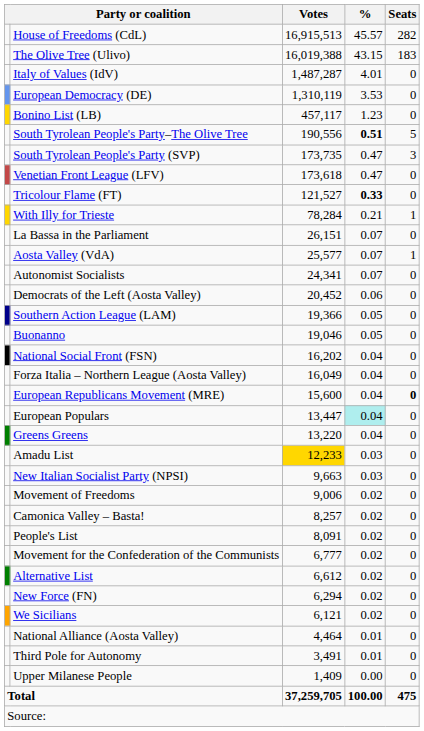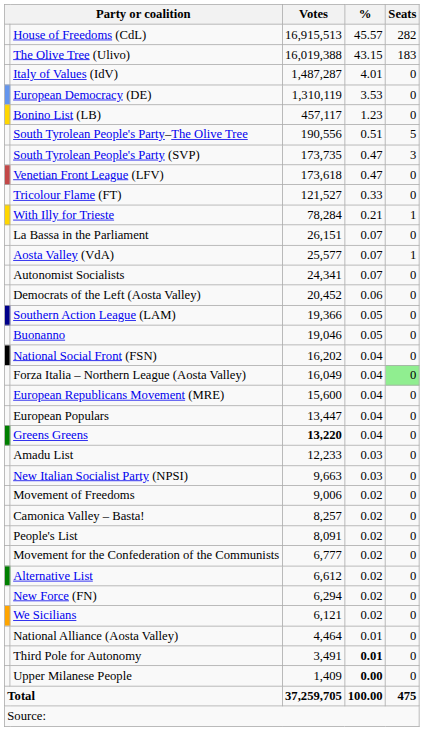 <table class=wikitable style="text-align:right">
 <tr>
 <th colspan=2>Party or coalition</th>
 <th>Votes</th>
 <th>%</th>
 <th>Seats</th>
 </tr>
 <tr>
 <td style="background-color:"></td>
 <td style="text-align:left;"><a href='#'>House of Freedoms</a> (CdL)</td>
 <td style="text-align:right;">16,915,513</td>
 <td style="text-align:right;">45.57</td>
 <td style="text-align:right;">282</td>
 </tr>
 <tr>
 <td style="background-color:"></td>
 <td style="text-align:left;"><a href='#'>The Olive Tree</a> (Ulivo)</td>
 <td style="text-align:right;">16,019,388</td>
 <td style="text-align:right;">43.15</td>
 <td style="text-align:right;">183</td>
 </tr>
 <tr>
 <td style="background-color:"></td>
 <td style="text-align:left;"><a href='#'>Italy of Values</a> (IdV)</td>
 <td style="text-align:right;">1,487,287</td>
 <td style="text-align:right;">4.01</td>
 <td style="text-align:right;">0</td>
 </tr>
 <tr>
 <td style="background-color:#6495ed;"></td>
 <td style="text-align:left;"><a href='#'>European Democracy</a> (DE)</td>
 <td style="text-align:right;">1,310,119</td>
 <td style="text-align:right;">3.53</td>
 <td style="text-align:right;">0</td>
 </tr>
 <tr>
 <td style="background-color:gold"></td>
 <td style="text-align:left;"><a href='#'>Bonino List</a> (LB)</td>
 <td style="text-align:right;">457,117</td>
 <td style="text-align:right;">1.23</td>
 <td style="text-align:right;">0</td>
 </tr>
 <tr>
 <td style="background-color:"></td>
 <td style="text-align:left;"><a href='#'>South Tyrolean People's Party</a>–<a href='#'>The Olive Tree</a></td>
 <td style="text-align:right;">190,556</td>
-<td style="text-align:right;"><strong>0.51</strong></td>
+<td style="text-align:right;">0.51</td>
 <td style="text-align:right;">5</td>
 </tr>
 <tr>
 <td style="background-color:"></td>
 <td style="text-align:left;"><a href='#'>South Tyrolean People's Party</a> (SVP)</td>
 <td style="text-align:right;">173,735</td>
 <td style="text-align:right;">0.47</td>
 <td style="text-align:right;">3</td>
 </tr>
 <tr>
 <td style="background-color:#C34848"></td>
 <td style="text-align:left;"><a href='#'>Venetian Front League</a> (LFV)</td>
 <td style="text-align:right;">173,618</td>
 <td style="text-align:right;">0.47</td>
 <td style="text-align:right;">0</td>
 </tr>
 <tr>
 <td style="background-color:"></td>
 <td style="text-align:left;"><a href='#'>Tricolour Flame</a> (FT)</td>
 <td style="text-align:right;">121,527</td>
-<td style="text-align:right;"><strong>0.33</strong></td>
+<td style="text-align:right;">0.33</td>
 <td style="text-align:right;">0</td>
 </tr>
 <tr>
 <td style="background-color:gold"></td>
 <td style="text-align:left;"><a href='#'>With Illy for Trieste</a></td>
 <td style="text-align:right;">78,284</td>
 <td style="text-align:right;">0.21</td>
 <td style="text-align:right;">1</td>
 </tr>
 <tr>
 <td style="background-color:"></td>
 <td style="text-align:left;">La Bassa in the Parliament</td>
 <td style="text-align:right;">26,151</td>
 <td style="text-align:right;">0.07</td>
 <td style="text-align:right;">0</td>
 </tr>
 <tr>
 <td style="background-color:"></td>
 <td style="text-align:left;"><a href='#'>Aosta Valley</a> (VdA)</td>
 <td style="text-align:right;">25,577</td>
 <td style="text-align:right;">0.07</td>
 <td style="text-align:right;">1</td>
 </tr>
 <tr>
 <td style="background-color:"></td>
 <td style="text-align:left;">Autonomist Socialists</td>
 <td style="text-align:right;">24,341</td>
 <td style="text-align:right;">0.07</td>
 <td style="text-align:right;">0</td>
 </tr>
 <tr>
 <td style="background-color:"></td>
 <td style="text-align:left;">Democrats of the Left (Aosta Valley)</td>
 <td style="text-align:right;">20,452</td>
 <td style="text-align:right;">0.06</td>
 <td style="text-align:right;">0</td>
 </tr>
 <tr>
 <td style="background-color:darkblue"></td>
 <td style="text-align:left;"><a href='#'>Southern Action League</a> (LAM)</td>
 <td style="text-align:right;">19,366</td>
 <td style="text-align:right;">0.05</td>
 <td style="text-align:right;">0</td>
 </tr>
 <tr>
 <td style="background-color:"></td>
 <td style="text-align:left;"><a href='#'>Buonanno</a></td>
 <td style="text-align:right;">19,046</td>
 <td style="text-align:right;">0.05</td>
 <td style="text-align:right;">0</td>
 </tr>
 <tr>
 <td style="background-color:#000000"></td>
 <td style="text-align:left;"><a href='#'>National Social Front</a> (FSN)</td>
 <td style="text-align:right;">16,202</td>
 <td style="text-align:right;">0.04</td>
 <td style="text-align:right;">0</td>
 </tr>
 <tr>
 <td style="background-color:"></td>
 <td style="text-align:left;">Forza Italia – Northern League (Aosta Valley)</td>
 <td style="text-align:right;">16,049</td>
 <td style="text-align:right;">0.04</td>
-<td style="text-align:right;">0</td>
+<td style="background: lightgreen; text-align:right;">0</td>
 </tr>
 <tr>
 <td style="background-color:"></td>
 <td style="text-align:left;"><a href='#'>European Republicans Movement</a> (MRE)</td>
 <td style="text-align:right;">15,600</td>
 <td style="text-align:right;">0.04</td>
-<td style="text-align:right;"><strong>0</strong></td>
+<td style="text-align:right;">0</td>
 </tr>
 <tr>
 <td style="background-color:"></td>
 <td style="text-align:left;">European Populars</td>
 <td style="text-align:right;">13,447</td>
-<td style="background: paleturquoise; text-align:right;">0.04</td>
+<td style="text-align:right;">0.04</td>
 <td style="text-align:right;">0</td>
 </tr>
 <tr>
 <td style="background-color:green"></td>
 <td style="text-align:left;"><a href='#'>Greens Greens</a></td>
-<td style="text-align:right;">13,220</td>
+<td style="text-align:right;"><strong>13,220</strong></td>
 <td style="text-align:right;">0.04</td>
 <td style="text-align:right;">0</td>
 </tr>
 <tr>
 <td style="background-color:"></td>
 <td style="text-align:left;">Amadu List</td>
-<td style="background: gold; text-align:right;">12,233</td>
+<td style="text-align:right;">12,233</td>
 <td style="text-align:right;">0.03</td>
 <td style="text-align:right;">0</td>
 </tr>
 <tr>
 <td style="background-color:"></td>
 <td style="text-align:left;"><a href='#'>New Italian Socialist Party</a> (NPSI)</td>
 <td style="text-align:right;">9,663</td>
 <td style="text-align:right;">0.03</td>
 <td style="text-align:right;">0</td>
 </tr>
 <tr>
 <td style="background-color:"></td>
 <td style="text-align:left;">Movement of Freedoms</td>
 <td style="text-align:right;">9,006</td>
 <td style="text-align:right;">0.02</td>
 <td style="text-align:right;">0</td>
 </tr>
 <tr>
 <td style="background-color:"></td>
 <td style="text-align:left;">Camonica Valley – Basta!</td>
 <td style="text-align:right;">8,257</td>
 <td style="text-align:right;">0.02</td>
 <td style="text-align:right;">0</td>
 </tr>
 <tr>
 <td style="background-color:"></td>
 <td style="text-align:left;">People's List</td>
 <td style="text-align:right;">8,091</td>
 <td style="text-align:right;">0.02</td>
 <td style="text-align:right;">0</td>
 </tr>
 <tr>
 <td style="background-color:"></td>
 <td style="text-align:left;">Movement for the Confederation of the Communists</td>
 <td style="text-align:right;">6,777</td>
 <td style="text-align:right;">0.02</td>
 <td style="text-align:right;">0</td>
 </tr>
 <tr>
 <td style="background-color:green"></td>
 <td style="text-align:left;"><a href='#'>Alternative List</a></td>
 <td style="text-align:right;">6,612</td>
 <td style="text-align:right;">0.02</td>
 <td style="text-align:right;">0</td>
 </tr>
 <tr>
 <td style="background-color:"></td>
 <td style="text-align:left;"><a href='#'>New Force</a> (FN)</td>
 <td style="text-align:right;">6,294</td>
 <td style="text-align:right;">0.02</td>
 <td style="text-align:right;">0</td>
 </tr>
 <tr>
 <td style="background-color:orange"></td>
 <td style="text-align:left;"><a href='#'>We Sicilians</a></td>
 <td style="text-align:right;">6,121</td>
 <td style="text-align:right;">0.02</td>
 <td style="text-align:right;">0</td>
 </tr>
 <tr>
 <td style="background-color:"></td>
 <td style="text-align:left;">National Alliance (Aosta Valley)</td>
 <td style="text-align:right;">4,464</td>
 <td style="text-align:right;">0.01</td>
 <td style="text-align:right;">0</td>
 </tr>
 <tr>
 <td style="background-color:"></td>
 <td style="text-align:left;">Third Pole for Autonomy</td>
 <td style="text-align:right;">3,491</td>
-<td style="text-align:right;">0.01</td>
+<td style="text-align:right;"><strong>0.01</strong></td>
 <td style="text-align:right;">0</td>
 </tr>
 <tr>
 <td style="background-color:"></td>
 <td style="text-align:left;">Upper Milanese People</td>
 <td style="text-align:right;">1,409</td>
-<td style="text-align:right;">0.00</td>
+<td style="text-align:right;"><strong>0.00</strong></td>
 <td style="text-align:right;">0</td>
 </tr>
 <tr>
 <td style="text-align:left;" colspan=2><strong>Total</strong></td>
 <td style="text-align:right;"><strong>37,259,705</strong></td>
 <td style="text-align:right;"><strong>100.00</strong></td>
 <td style="text-align:right;"><strong>475</strong></td>
 </tr>
 <tr>
 <td style="text-align:left;" colspan="7">Source: </td>
 </tr>
 </table>
